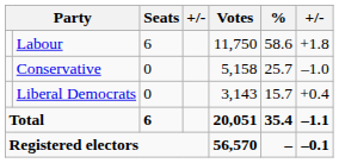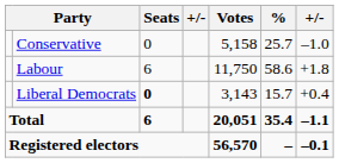 <table class="wikitable sortable">
 <tr>
 <th colspan="2">Party</th>
 <th>Seats</th>
 <th>+/-</th>
 <th>Votes</th>
 <th>%</th>
 <th>+/-</th>
+</tr>
+<tr>
+<td style="background-color: "></td>
+<td><a href='#'>Conservative</a></td>
+<td>0</td>
+<td></td>
+<td style="text-align:right;">5,158</td>
+<td style="text-align:right;">25.7</td>
+<td style="text-align:right;">–1.0</td>
 </tr>
 <tr>
 <td style="background-color: "></td>
 <td><a href='#'>Labour</a></td>
 <td>6</td>
 <td></td>
 <td style="text-align:right;">11,750</td>
 <td style="text-align:right;">58.6</td>
 <td style="text-align:right;">+1.8</td>
 </tr>
 <tr>
 <td style="background-color: "></td>
-<td><a href='#'>Conservative</a></td>
-<td>0</td>
-<td></td>
-<td style="text-align:right;">5,158</td>
-<td style="text-align:right;">25.7</td>
-<td style="text-align:right;">–1.0</td>
-</tr>
-<tr>
-<td style="background-color: "></td>
 <td><a href='#'>Liberal Democrats</a></td>
-<td>0</td>
+<td><strong>0</strong></td>
 <td></td>
 <td style="text-align:right;">3,143</td>
 <td style="text-align:right;">15.7</td>
 <td style="text-align:right;">+0.4</td>
 </tr>
 <tr>
 <td colspan="2"><strong>Total</strong></td>
 <td><strong>6</strong></td>
 <td></td>
 <td style="text-align:right;"><strong>20,051</strong></td>
 <td style="text-align:right;"><strong>35.4</strong></td>
 <td style="text-align:right;"><strong>–1.1</strong></td>
 </tr>
 <tr>
 <td colspan="4"><strong>Registered electors</strong></td>
 <td style="text-align:right;"><strong>56,570</strong></td>
 <td style="text-align:right;"><strong>–</strong></td>
 <td style="text-align:right;"><strong>–0.1</strong></td>
 </tr>
 </table>
